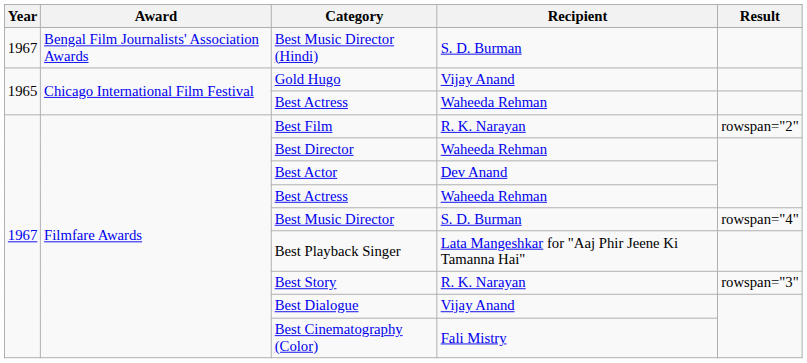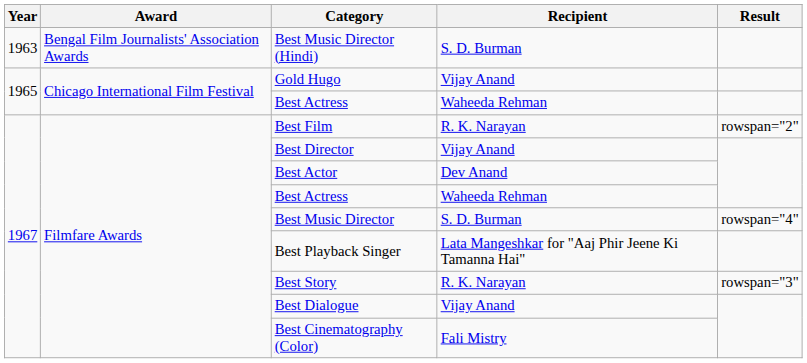 <table class="wikitable">
 <tr>
 <th>Year</th>
 <th>Award</th>
 <th>Category</th>
 <th>Recipient</th>
 <th>Result</th>
 </tr>
 <tr>
-<td>1967</td>
+<td>1963</td>
 <td><a href='#'>Bengal Film Journalists' Association Awards</a></td>
 <td><a href='#'>Best Music Director (Hindi)</a></td>
 <td><a href='#'>S. D. Burman</a></td>
 <td></td>
 </tr>
 <tr>
 <td rowspan="2">1965</td>
 <td rowspan="2"><a href='#'>Chicago International Film Festival</a></td>
 <td><a href='#'>Gold Hugo</a></td>
 <td><a href='#'>Vijay Anand</a></td>
 <td></td>
 </tr>
 <tr>
 <td><a href='#'>Best Actress</a></td>
 <td><a href='#'>Waheeda Rehman</a></td>
 <td></td>
 </tr>
 <tr>
 <td rowspan="9"><a href='#'>1967</a></td>
 <td rowspan="9"><a href='#'>Filmfare Awards</a></td>
 <td><a href='#'>Best Film</a></td>
 <td><a href='#'>R. K. Narayan</a></td>
 <td>rowspan="2" </td>
 </tr>
 <tr>
 <td><a href='#'>Best Director</a></td>
-<td><a href='#'>Waheeda Rehman</a></td>
+<td><a href='#'>Vijay Anand</a></td>
 </tr>
 <tr>
 <td><a href='#'>Best Actor</a></td>
 <td><a href='#'>Dev Anand</a></td>
 </tr>
 <tr>
 <td><a href='#'>Best Actress</a></td>
 <td><a href='#'>Waheeda Rehman</a></td>
 </tr>
 <tr>
 <td><a href='#'>Best Music Director</a></td>
 <td><a href='#'>S. D. Burman</a></td>
 <td>rowspan="4" </td>
 </tr>
 <tr>
 <td>Best Playback Singer</td>
 <td><a href='#'>Lata Mangeshkar</a> for "Aaj Phir Jeene Ki Tamanna Hai"</td>
 </tr>
 <tr>
 <td><a href='#'>Best Story</a></td>
 <td><a href='#'>R. K. Narayan</a></td>
 <td>rowspan="3"</td>
 </tr>
 <tr>
 <td><a href='#'>Best Dialogue</a></td>
 <td><a href='#'>Vijay Anand</a></td>
 </tr>
 <tr>
 <td><a href='#'>Best Cinematography (Color)</a></td>
 <td><a href='#'>Fali Mistry</a></td>
 </tr>
 </table>
